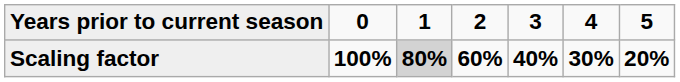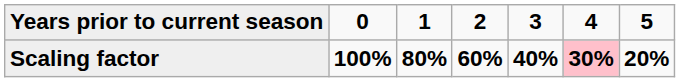 <table class="wikitable" style="font-weight:bold; text-align:center">
 <tr>
 <td align=left bgcolor=#efefef>Years prior to current season</td>
 <td width=20>0</td>
 <td width=20>1</td>
 <td width=20>2</td>
 <td width=20>3</td>
 <td width=20>4</td>
 <td width=20>5</td>
 </tr>
 <tr>
 <td align=left bgcolor=#efefef>Scaling factor</td>
 <td width=20>100%</td>
-<td width=20 style="background: lightgrey;">80%</td>
+<td width=20>80%</td>
 <td width=20>60%</td>
 <td width=20>40%</td>
-<td width=20>30%</td>
+<td width=20 style="background: pink;">30%</td>
 <td width=20>20%</td>
 </tr>
 </table>
